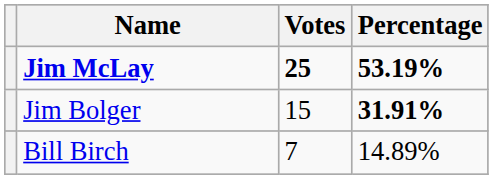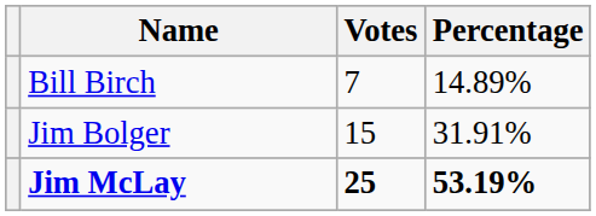 <table class="wikitable">
 <tr>
 <th></th>
 <th>Name</th>
 <th>Votes</th>
 <th>Percentage</th>
 </tr>
 <tr>
 <th style="background-color: "></th>
-<td width="150"><strong><a href='#'>Jim McLay</a></strong></td>
-<td><strong>25</strong></td>
-<td><strong>53.19%</strong></td>
+<td><a href='#'>Bill Birch</a></td>
+<td>7</td>
+<td>14.89%</td>
 </tr>
 <tr>
 <th style="background-color: "></th>
 <td><a href='#'>Jim Bolger</a></td>
 <td>15</td>
-<td><strong>31.91%</strong></td>
+<td>31.91%</td>
 </tr>
 <tr>
 <th style="background-color: "></th>
-<td><a href='#'>Bill Birch</a></td>
-<td>7</td>
-<td>14.89%</td>
+<td width="150"><strong><a href='#'>Jim McLay</a></strong></td>
+<td><strong>25</strong></td>
+<td><strong>53.19%</strong></td>
 </tr>
 </table>
